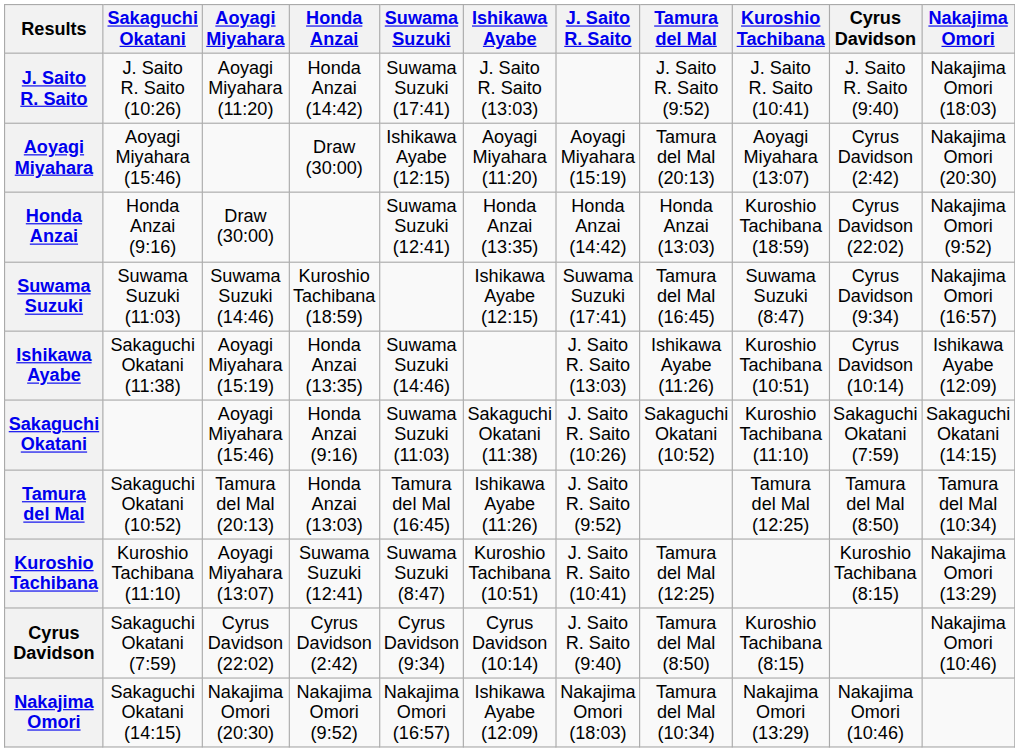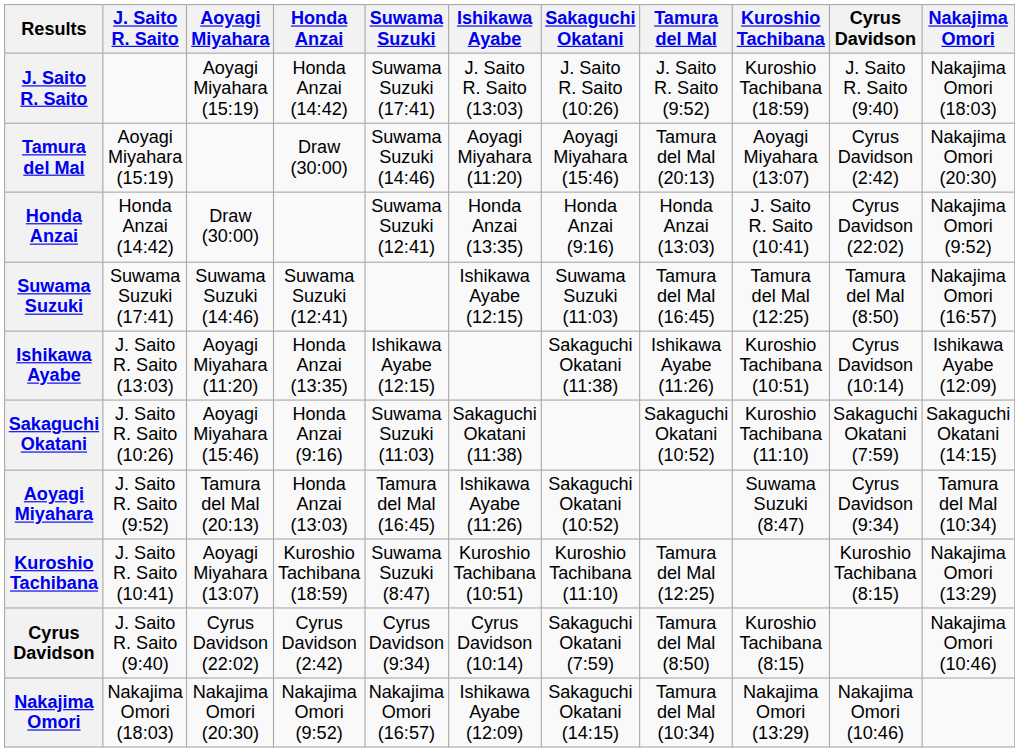 <table class="wikitable" style="text-align:center; margin: 1em auto 1em auto">
 <tr align="center">
 <th>Results</th>
-<th><a href='#'>Sakaguchi</a><br><a href='#'>Okatani</a></th>
+<th><a href='#'>J. Saito</a><br><a href='#'>R. Saito</a></th>
 <th><a href='#'>Aoyagi</a><br><a href='#'>Miyahara</a></th>
 <th><a href='#'>Honda</a><br><a href='#'>Anzai</a></th>
 <th><a href='#'>Suwama</a><br><a href='#'>Suzuki</a></th>
 <th><a href='#'>Ishikawa</a><br><a href='#'>Ayabe</a></th>
-<th><a href='#'>J. Saito</a><br><a href='#'>R. Saito</a></th>
+<th><a href='#'>Sakaguchi</a><br><a href='#'>Okatani</a></th>
 <th><a href='#'>Tamura</a><br><a href='#'>del Mal</a></th>
 <th><a href='#'>Kuroshio</a><br><a href='#'>Tachibana</a></th>
 <th>Cyrus<br>Davidson</th>
 <th><a href='#'>Nakajima</a><br><a href='#'>Omori</a></th>
 </tr>
 <tr>
 <th><a href='#'>J. Saito</a><br><a href='#'>R. Saito</a></th>
-<td>J. Saito<br>R. Saito<br>(10:26)</td>
-<td>Aoyagi<br>Miyahara<br>(11:20)</td>
+<td></td>
+<td>Aoyagi<br>Miyahara<br>(15:19)</td>
 <td>Honda<br>Anzai<br>(14:42)</td>
 <td>Suwama<br>Suzuki<br>(17:41)</td>
 <td>J. Saito<br>R. Saito<br>(13:03)</td>
-<td></td>
+<td>J. Saito<br>R. Saito<br>(10:26)</td>
 <td>J. Saito<br>R. Saito<br>(9:52)</td>
-<td>J. Saito<br>R. Saito<br>(10:41)</td>
+<td>Kuroshio<br>Tachibana<br>(18:59)</td>
 <td>J. Saito<br>R. Saito<br>(9:40)</td>
 <td>Nakajima<br>Omori<br>(18:03)</td>
 </tr>
 <tr>
-<th><a href='#'>Aoyagi</a><br><a href='#'>Miyahara</a></th>
-<td>Aoyagi<br>Miyahara<br>(15:46)</td>
+<th><a href='#'>Tamura</a><br><a href='#'>del Mal</a></th>
+<td>Aoyagi<br>Miyahara<br>(15:19)</td>
 <td></td>
 <td>Draw<br>(30:00)</td>
-<td>Ishikawa<br>Ayabe<br>(12:15)</td>
+<td>Suwama<br>Suzuki<br>(14:46)</td>
 <td>Aoyagi<br>Miyahara<br>(11:20)</td>
-<td>Aoyagi<br>Miyahara<br>(15:19)</td>
+<td>Aoyagi<br>Miyahara<br>(15:46)</td>
 <td>Tamura<br>del Mal<br>(20:13)</td>
 <td>Aoyagi<br>Miyahara<br>(13:07)</td>
 <td>Cyrus<br>Davidson<br>(2:42)</td>
 <td>Nakajima<br>Omori<br>(20:30)</td>
 </tr>
 <tr>
 <th><a href='#'>Honda</a><br><a href='#'>Anzai</a></th>
-<td>Honda<br>Anzai<br>(9:16)</td>
+<td>Honda<br>Anzai<br>(14:42)</td>
 <td>Draw<br>(30:00)</td>
 <td></td>
 <td>Suwama<br>Suzuki<br>(12:41)</td>
 <td>Honda<br>Anzai<br>(13:35)</td>
-<td>Honda<br>Anzai<br>(14:42)</td>
+<td>Honda<br>Anzai<br>(9:16)</td>
 <td>Honda<br>Anzai<br>(13:03)</td>
-<td>Kuroshio<br>Tachibana<br>(18:59)</td>
+<td>J. Saito<br>R. Saito<br>(10:41)</td>
 <td>Cyrus<br>Davidson<br>(22:02)</td>
 <td>Nakajima<br>Omori<br>(9:52)</td>
 </tr>
 <tr>
 <th><a href='#'>Suwama</a><br><a href='#'>Suzuki</a></th>
-<td>Suwama<br>Suzuki<br>(11:03)</td>
+<td>Suwama<br>Suzuki<br>(17:41)</td>
 <td>Suwama<br>Suzuki<br>(14:46)</td>
-<td>Kuroshio<br>Tachibana<br>(18:59)</td>
+<td>Suwama<br>Suzuki<br>(12:41)</td>
 <td></td>
 <td>Ishikawa<br>Ayabe<br>(12:15)</td>
-<td>Suwama<br>Suzuki<br>(17:41)</td>
+<td>Suwama<br>Suzuki<br>(11:03)</td>
 <td>Tamura<br>del Mal<br>(16:45)</td>
-<td>Suwama<br>Suzuki<br>(8:47)</td>
-<td>Cyrus<br>Davidson<br>(9:34)</td>
+<td>Tamura<br>del Mal<br>(12:25)</td>
+<td>Tamura<br>del Mal<br>(8:50)</td>
 <td>Nakajima<br>Omori<br>(16:57)</td>
 </tr>
 <tr>
 <th><a href='#'>Ishikawa</a><br><a href='#'>Ayabe</a></th>
+<td>J. Saito<br>R. Saito<br>(13:03)</td>
+<td>Aoyagi<br>Miyahara<br>(11:20)</td>
+<td>Honda<br>Anzai<br>(13:35)</td>
+<td>Ishikawa<br>Ayabe<br>(12:15)</td>
+<td></td>
 <td>Sakaguchi<br>Okatani<br>(11:38)</td>
-<td>Aoyagi<br>Miyahara<br>(15:19)</td>
-<td>Honda<br>Anzai<br>(13:35)</td>
-<td>Suwama<br>Suzuki<br>(14:46)</td>
-<td></td>
-<td>J. Saito<br>R. Saito<br>(13:03)</td>
 <td>Ishikawa<br>Ayabe<br>(11:26)</td>
 <td>Kuroshio<br>Tachibana<br>(10:51)</td>
 <td>Cyrus<br>Davidson<br>(10:14)</td>
 <td>Ishikawa<br>Ayabe<br>(12:09)</td>
 </tr>
 <tr>
 <th><a href='#'>Sakaguchi</a><br><a href='#'>Okatani</a></th>
-<td></td>
+<td>J. Saito<br>R. Saito<br>(10:26)</td>
 <td>Aoyagi<br>Miyahara<br>(15:46)</td>
 <td>Honda<br>Anzai<br>(9:16)</td>
 <td>Suwama<br>Suzuki<br>(11:03)</td>
 <td>Sakaguchi<br>Okatani<br>(11:38)</td>
-<td>J. Saito<br>R. Saito<br>(10:26)</td>
+<td></td>
 <td>Sakaguchi<br>Okatani<br>(10:52)</td>
 <td>Kuroshio<br>Tachibana<br>(11:10)</td>
 <td>Sakaguchi<br>Okatani<br>(7:59)</td>
 <td>Sakaguchi<br>Okatani<br>(14:15)</td>
 </tr>
 <tr>
-<th><a href='#'>Tamura</a><br><a href='#'>del Mal</a></th>
-<td>Sakaguchi<br>Okatani<br>(10:52)</td>
+<th><a href='#'>Aoyagi</a><br><a href='#'>Miyahara</a></th>
+<td>J. Saito<br>R. Saito<br>(9:52)</td>
 <td>Tamura<br>del Mal<br>(20:13)</td>
 <td>Honda<br>Anzai<br>(13:03)</td>
 <td>Tamura<br>del Mal<br>(16:45)</td>
 <td>Ishikawa<br>Ayabe<br>(11:26)</td>
-<td>J. Saito<br>R. Saito<br>(9:52)</td>
+<td>Sakaguchi<br>Okatani<br>(10:52)</td>
 <td></td>
-<td>Tamura<br>del Mal<br>(12:25)</td>
-<td>Tamura<br>del Mal<br>(8:50)</td>
+<td>Suwama<br>Suzuki<br>(8:47)</td>
+<td>Cyrus<br>Davidson<br>(9:34)</td>
 <td>Tamura<br>del Mal<br>(10:34)</td>
 </tr>
 <tr>
 <th><a href='#'>Kuroshio</a><br><a href='#'>Tachibana</a></th>
-<td>Kuroshio<br>Tachibana<br>(11:10)</td>
+<td>J. Saito<br>R. Saito<br>(10:41)</td>
 <td>Aoyagi<br>Miyahara<br>(13:07)</td>
-<td>Suwama<br>Suzuki<br>(12:41)</td>
+<td>Kuroshio<br>Tachibana<br>(18:59)</td>
 <td>Suwama<br>Suzuki<br>(8:47)</td>
 <td>Kuroshio<br>Tachibana<br>(10:51)</td>
-<td>J. Saito<br>R. Saito<br>(10:41)</td>
+<td>Kuroshio<br>Tachibana<br>(11:10)</td>
 <td>Tamura<br>del Mal<br>(12:25)</td>
 <td></td>
 <td>Kuroshio<br>Tachibana<br>(8:15)</td>
 <td>Nakajima<br>Omori<br>(13:29)</td>
 </tr>
 <tr>
 <th>Cyrus<br>Davidson</th>
-<td>Sakaguchi<br>Okatani<br>(7:59)</td>
+<td>J. Saito<br>R. Saito<br>(9:40)</td>
 <td>Cyrus<br>Davidson<br>(22:02)</td>
 <td>Cyrus<br>Davidson<br>(2:42)</td>
 <td>Cyrus<br>Davidson<br>(9:34)</td>
 <td>Cyrus<br>Davidson<br>(10:14)</td>
-<td>J. Saito<br>R. Saito<br>(9:40)</td>
+<td>Sakaguchi<br>Okatani<br>(7:59)</td>
 <td>Tamura<br>del Mal<br>(8:50)</td>
 <td>Kuroshio<br>Tachibana<br>(8:15)</td>
 <td></td>
 <td>Nakajima<br>Omori<br>(10:46)</td>
 </tr>
 <tr>
 <th><a href='#'>Nakajima</a><br><a href='#'>Omori</a></th>
-<td>Sakaguchi<br>Okatani<br>(14:15)</td>
+<td>Nakajima<br>Omori<br>(18:03)</td>
 <td>Nakajima<br>Omori<br>(20:30)</td>
 <td>Nakajima<br>Omori<br>(9:52)</td>
 <td>Nakajima<br>Omori<br>(16:57)</td>
 <td>Ishikawa<br>Ayabe<br>(12:09)</td>
-<td>Nakajima<br>Omori<br>(18:03)</td>
+<td>Sakaguchi<br>Okatani<br>(14:15)</td>
 <td>Tamura<br>del Mal<br>(10:34)</td>
 <td>Nakajima<br>Omori<br>(13:29)</td>
 <td>Nakajima<br>Omori<br>(10:46)</td>
 <td></td>
 </tr>
 </table>
